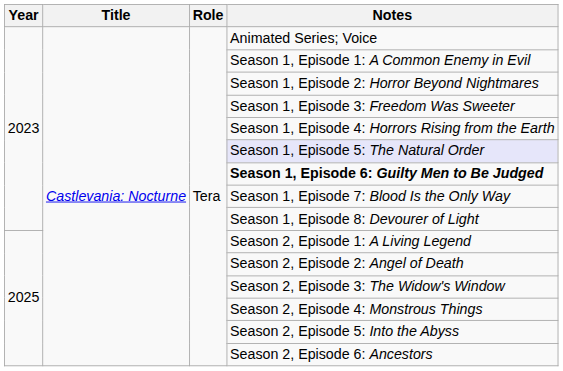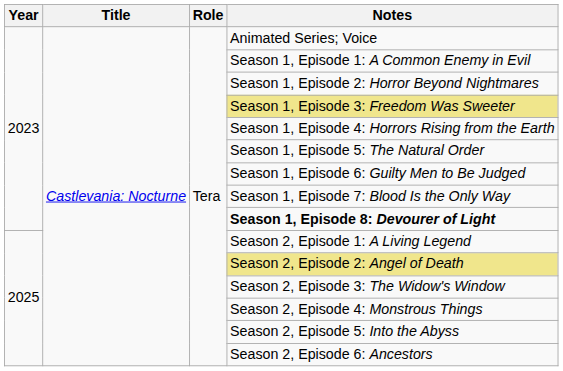 <table class="wikitable sortable unsortable">
 <tr>
 <th scope="col">Year</th>
 <th scope="col">Title</th>
 <th scope="col">Role</th>
 <th class="unsortable" scope="col">Notes</th>
 </tr>
 <tr>
 <td rowspan=9>2023</td>
 <td rowspan=15><em><a href='#'>Castlevania: Nocturne</a></em></td>
 <td rowspan=15>Tera</td>
 <td>Animated Series; Voice</td>
 </tr>
 <tr>
 <td>Season 1, Episode 1: <em>A Common Enemy in Evil</em></td>
 </tr>
 <tr>
 <td>Season 1, Episode 2: <em>Horror Beyond Nightmares</em></td>
 </tr>
 <tr>
-<td>Season 1, Episode 3: <em>Freedom Was Sweeter</em></td>
+<td style="background: khaki;">Season 1, Episode 3: <em>Freedom Was Sweeter</em></td>
 </tr>
 <tr>
 <td>Season 1, Episode 4: <em>Horrors Rising from the Earth</em></td>
 </tr>
 <tr>
-<td style="background: lavender;">Season 1, Episode 5: <em>The Natural Order</em></td>
+<td>Season 1, Episode 5: <em>The Natural Order</em></td>
 </tr>
 <tr>
-<td><strong>Season 1, Episode 6: <em>Guilty Men to Be Judged</em></strong></td>
+<td>Season 1, Episode 6: <em>Guilty Men to Be Judged</em></td>
 </tr>
 <tr>
 <td>Season 1, Episode 7: <em>Blood Is the Only Way</em></td>
 </tr>
 <tr>
-<td>Season 1, Episode 8: <em>Devourer of Light</em></td>
+<td><strong>Season 1, Episode 8: <em>Devourer of Light</em></strong></td>
 </tr>
 <tr>
 <td rowspan=6>2025</td>
 <td>Season 2, Episode 1: <em>A Living Legend</em></td>
 </tr>
 <tr>
-<td>Season 2, Episode 2: <em>Angel of Death</em></td>
+<td style="background: khaki;">Season 2, Episode 2: <em>Angel of Death</em></td>
 </tr>
 <tr>
 <td>Season 2, Episode 3: <em>The Widow's Window</em></td>
 </tr>
 <tr>
 <td>Season 2, Episode 4: <em>Monstrous Things</em></td>
 </tr>
 <tr>
 <td>Season 2, Episode 5: <em>Into the Abyss</em></td>
 </tr>
 <tr>
 <td>Season 2, Episode 6: <em>Ancestors</em></td>
 </tr>
 </table>
